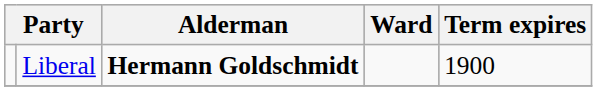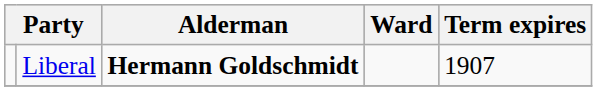 <table class="wikitable">
 <tr>
 <th colspan="2">Party</th>
 <th>Alderman</th>
 <th>Ward</th>
 <th>Term expires</th>
 </tr>
 <tr>
 <td style="background-color:"></td>
 <td><a href='#'>Liberal</a></td>
 <td><strong>Hermann Goldschmidt</strong></td>
 <td><strong> </strong></td>
-<td>1900</td>
+<td>1907</td>
 </tr>
 <tr>
 </tr>
 </table>
